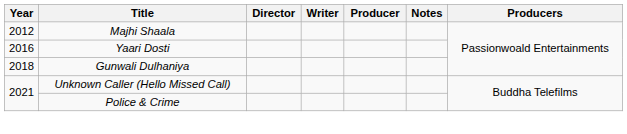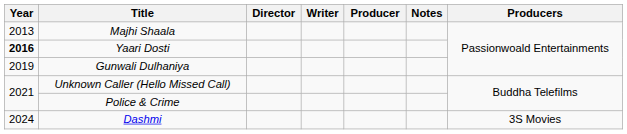 <table class="wikitable sortable" style="width: 100%; text-align: center;">
 <tr>
 <th scope="col">Year</th>
 <th scope="col">Title</th>
 <th scope="col">Director</th>
 <th scope="col">Writer</th>
 <th scope="col">Producer</th>
 <th scope="col" class="unsortable">Notes</th>
 <th scope="col">Producers</th>
 </tr>
 <tr>
-<td>2012</td>
+<td>2013</td>
 <td style="text-align: center;"><em>Majhi Shaala</em></td>
 <td></td>
 <td></td>
 <td></td>
 <td style="text-align: center;"></td>
 <td rowspan="3">Passionwoald Entertainments</td>
 </tr>
 <tr>
-<td>2016</td>
+<td><strong>2016</strong></td>
 <td style="text-align: center;"><em>Yaari Dosti</em></td>
 <td></td>
 <td></td>
 <td></td>
 <td style="text-align: center;"></td>
 </tr>
 <tr>
-<td>2018</td>
+<td>2019</td>
 <td style="text-align: center;"><em>Gunwali Dulhaniya</em></td>
 <td></td>
 <td></td>
 <td></td>
 <td style="text-align: center;"></td>
 </tr>
 <tr>
 <td rowspan="2">2021</td>
 <td style="text-align: center;"><em>Unknown Caller (Hello Missed Call)</em></td>
 <td></td>
 <td></td>
 <td></td>
 <td style="text-align: center;"></td>
 <td rowspan="2">Buddha Telefilms</td>
 </tr>
 <tr>
 <td style="text-align: center;"><em>Police & Crime</em></td>
 <td></td>
 <td></td>
 <td></td>
 <td style="text-align: center;"></td>
 </tr>
+<tr>
+<td>2024</td>
+<td style="text-align: center;"><em><a href='#'>Dashmi</a></em></td>
+<td></td>
+<td></td>
+<td></td>
+<td style="text-align: center;"></td>
+<td>3S Movies</td>
+</tr>
 </table>
